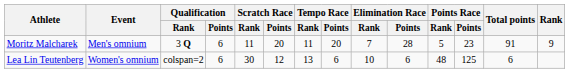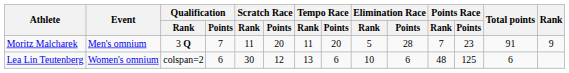 <table class="wikitable" style="font-size:90%">
 <tr>
 <th rowspan="2">Athlete</th>
 <th rowspan="2">Event</th>
 <th colspan=2>Qualification</th>
 <th colspan=2>Scratch Race</th>
 <th colspan=2>Tempo Race</th>
 <th colspan=2>Elimination Race</th>
 <th colspan=2>Points Race</th>
 <th rowspan=2>Total points</th>
 <th rowspan=2>Rank</th>
 </tr>
 <tr style="font-size:95%">
 <th>Rank</th>
 <th>Points</th>
 <th>Rank</th>
 <th>Points</th>
 <th>Rank</th>
 <th>Points</th>
 <th>Rank</th>
 <th>Points</th>
 <th>Rank</th>
 <th>Points</th>
 </tr>
 <tr align=center>
 <td align=left><a href='#'>Moritz Malcharek</a></td>
 <td align=left><a href='#'>Men's omnium</a></td>
 <td>3 <strong>Q</strong></td>
-<td>6</td>
+<td>7</td>
 <td>11</td>
 <td>20</td>
 <td>11</td>
 <td>20</td>
+<td>5</td>
+<td>28</td>
 <td>7</td>
-<td>28</td>
-<td>5</td>
 <td>23</td>
 <td>91</td>
 <td>9</td>
 </tr>
 <tr align=center>
 <td align=left><a href='#'>Lea Lin Teutenberg</a></td>
 <td align=left><a href='#'>Women's omnium</a></td>
 <td>colspan=2</td>
 <td>6</td>
 <td>30</td>
 <td>12</td>
 <td>13</td>
 <td>6</td>
 <td>10</td>
 <td>6</td>
 <td>48</td>
 <td>125</td>
 <td>6</td>
 </tr>
 </table>
